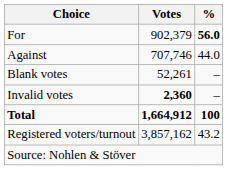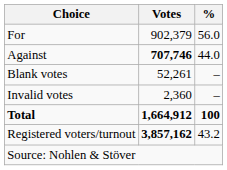 <table class=wikitable style=text-align:right>
 <tr>
 <th>Choice</th>
 <th>Votes</th>
 <th>%</th>
 </tr>
 <tr>
 <td align=left>For</td>
 <td>902,379</td>
-<td><strong>56.0</strong></td>
+<td>56.0</td>
 </tr>
 <tr>
 <td align=left>Against</td>
-<td>707,746</td>
+<td><strong>707,746</strong></td>
 <td>44.0</td>
 </tr>
 <tr>
 <td align=left>Blank votes</td>
 <td>52,261</td>
 <td>–</td>
 </tr>
 <tr>
 <td align=left>Invalid votes</td>
-<td><strong>2,360</strong></td>
+<td>2,360</td>
 <td>–</td>
 </tr>
 <tr>
 <td align=left><strong>Total</strong></td>
 <td><strong>1,664,912</strong></td>
 <td><strong>100</strong></td>
 </tr>
 <tr>
 <td align=left>Registered voters/turnout</td>
-<td>3,857,162</td>
+<td><strong>3,857,162</strong></td>
 <td>43.2</td>
 </tr>
 <tr>
 <td align=left colspan=11>Source: Nohlen & Stöver</td>
 </tr>
 </table>
